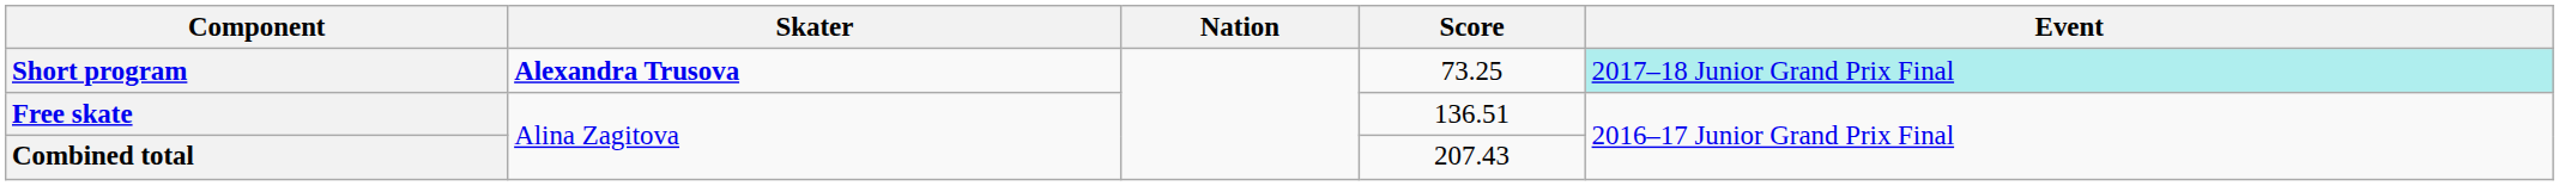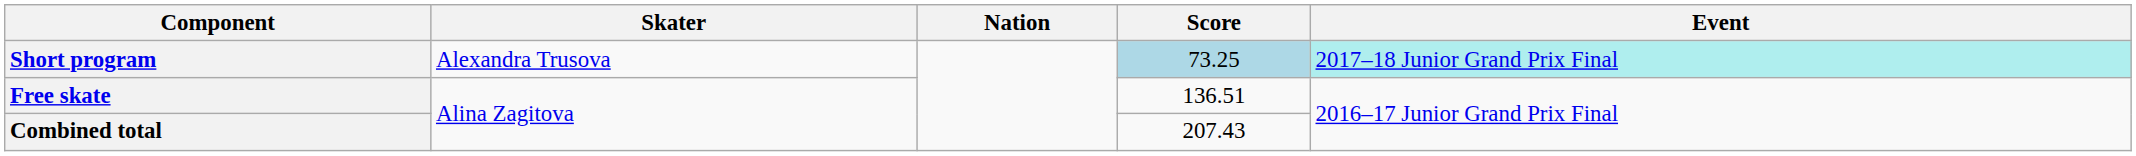 <table class="wikitable unsortable" style="text-align:left; width:75%">
 <tr>
 <th scope="col">Component</th>
 <th scope="col">Skater</th>
 <th scope="col">Nation</th>
 <th scope="col">Score</th>
 <th scope="col">Event</th>
 </tr>
 <tr>
 <th scope="row" style="text-align:left"><a href='#'>Short program</a></th>
-<td><strong><a href='#'>Alexandra Trusova</a></strong></td>
+<td><a href='#'>Alexandra Trusova</a></td>
 <td rowspan="3"></td>
-<td style="text-align:center">73.25</td>
+<td style="background: lightblue; text-align:center">73.25</td>
 <td style="background: paleturquoise;"><a href='#'>2017–18 Junior Grand Prix Final</a></td>
 </tr>
 <tr>
 <th scope="row" style="text-align:left"><a href='#'>Free skate</a></th>
 <td rowspan="2"><a href='#'>Alina Zagitova</a></td>
 <td style="text-align:center">136.51</td>
 <td rowspan="2"><a href='#'>2016–17 Junior Grand Prix Final</a></td>
 </tr>
 <tr>
 <th scope="row" style="text-align:left">Combined total</th>
 <td style="text-align:center">207.43</td>
 </tr>
 </table>
